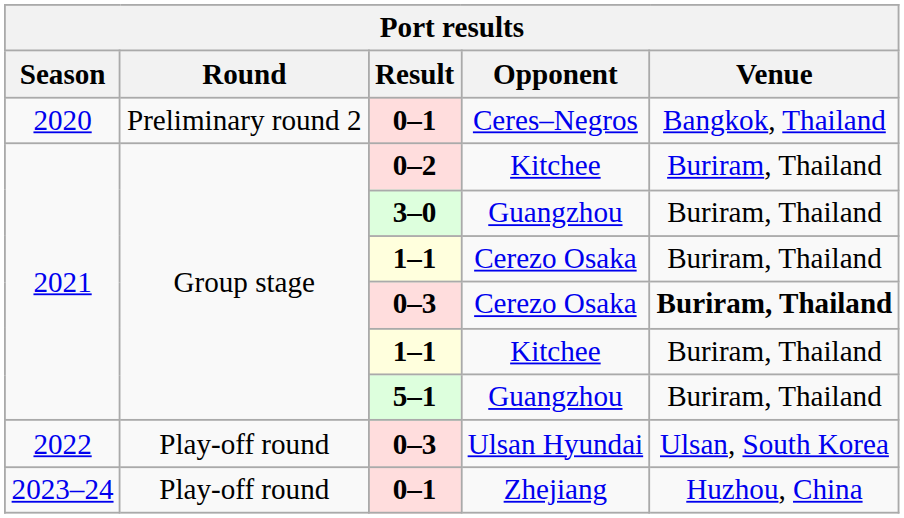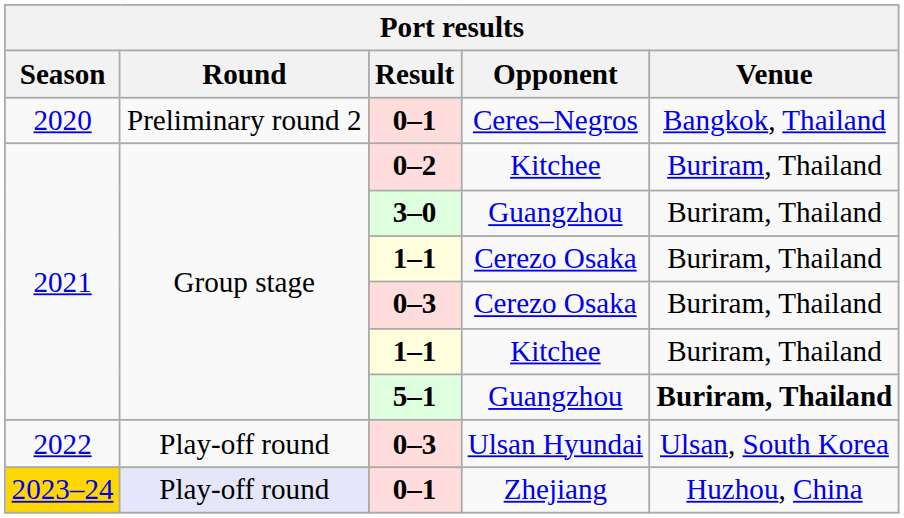 <table class="wikitable" style="text-align:center">
 <tr>
 <th colspan=5>Port results</th>
 </tr>
 <tr>
 <th>Season</th>
 <th>Round</th>
 <th>Result</th>
 <th>Opponent</th>
 <th>Venue</th>
 </tr>
 <tr align=center>
 <td><a href='#'>2020</a></td>
 <td>Preliminary round 2</td>
 <td bgcolor=#ffdddd><strong>0–1</strong></td>
 <td> <a href='#'>Ceres–Negros</a></td>
 <td><a href='#'>Bangkok</a>, <a href='#'>Thailand</a></td>
 </tr>
 <tr align=center>
 <td rowspan="6"><a href='#'>2021</a></td>
 <td rowspan="6">Group stage</td>
 <td bgcolor=#ffdddd><strong>0–2</strong></td>
 <td> <a href='#'>Kitchee</a></td>
 <td><a href='#'>Buriram</a>, Thailand</td>
 </tr>
 <tr align=center>
 <td bgcolor=#ddffdd><strong>3–0</strong></td>
 <td> <a href='#'>Guangzhou</a></td>
 <td>Buriram, Thailand</td>
 </tr>
 <tr align=center>
 <td bgcolor=#ffffdd><strong>1–1</strong></td>
 <td> <a href='#'>Cerezo Osaka</a></td>
 <td>Buriram, Thailand</td>
 </tr>
 <tr align=center>
 <td bgcolor=#ffdddd><strong>0–3</strong></td>
 <td> <a href='#'>Cerezo Osaka</a></td>
-<td><strong>Buriram, Thailand</strong></td>
+<td>Buriram, Thailand</td>
 </tr>
 <tr align=center>
 <td bgcolor=#ffffdd><strong>1–1</strong></td>
 <td> <a href='#'>Kitchee</a></td>
 <td>Buriram, Thailand</td>
 </tr>
 <tr align=center>
 <td bgcolor=#ddffdd><strong>5–1</strong></td>
 <td> <a href='#'>Guangzhou</a></td>
-<td>Buriram, Thailand</td>
+<td><strong>Buriram, Thailand</strong></td>
 </tr>
 <tr align=center>
 <td><a href='#'>2022</a></td>
 <td>Play-off round</td>
 <td bgcolor=#ffdddd><strong>0–3</strong></td>
 <td> <a href='#'>Ulsan Hyundai</a></td>
 <td><a href='#'>Ulsan</a>, <a href='#'>South Korea</a></td>
 </tr>
 <tr align=center>
-<td><a href='#'>2023–24</a></td>
-<td>Play-off round</td>
+<td style="background: gold;"><a href='#'>2023–24</a></td>
+<td style="background: lavender;">Play-off round</td>
 <td bgcolor=#ffdddd><strong>0–1</strong></td>
 <td> <a href='#'>Zhejiang</a></td>
 <td><a href='#'>Huzhou</a>, <a href='#'>China</a></td>
 </tr>
 </table>
